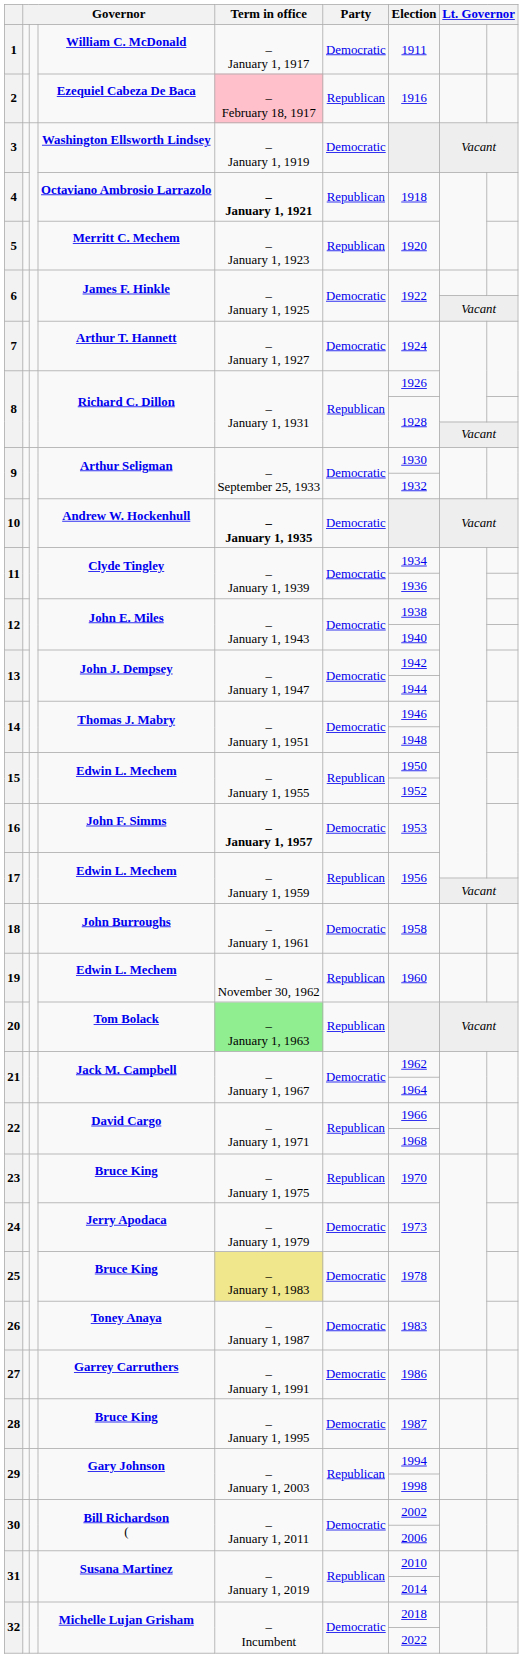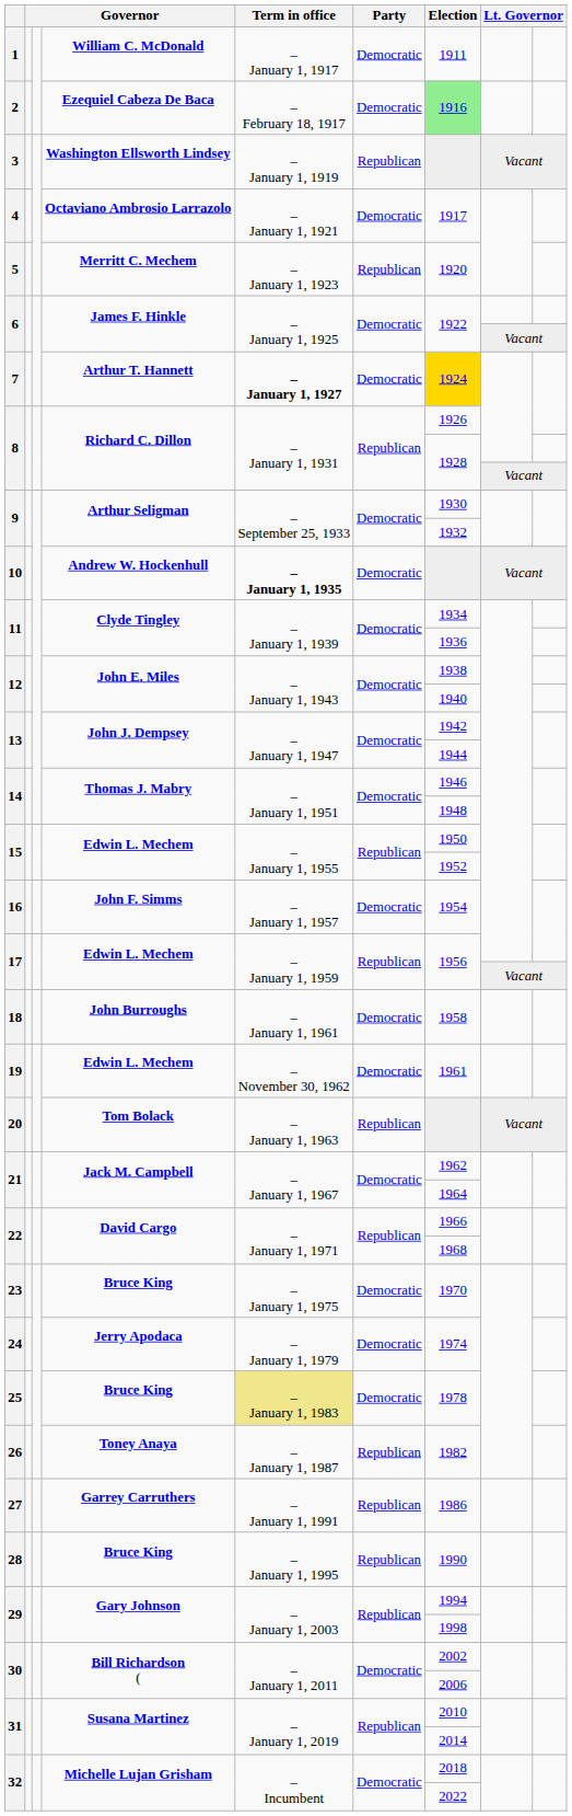 <table class="wikitable sortable mw-collapsible sticky-header-multi" style="text-align:center;">
 <tr>
 <th scope="col" data-sort-type="number"></th>
 <th scope="colgroup" colspan="3">Governor</th>
 <th scope="col">Term in office</th>
 <th scope="col">Party</th>
 <th scope="col">Election</th>
 <th scope="col" colspan="2"><a href='#'>Lt. Governor</a></th>
 </tr>
 <tr style="height:2em;">
 <th scope="row">1</th>
 <td data-sort-value="McDonald, William"></td>
 <td rowspan="2" style="background: "> </td>
 <td><strong><a href='#'>William C. McDonald</a></strong><br><br></td>
 <td><br>–<br>January 1, 1917<br></td>
 <td><a href='#'>Democratic</a></td>
 <td><a href='#'>1911</a></td>
 <td style="background: "> </td>
 <td></td>
 </tr>
 <tr style="height:2em;">
 <th scope="row">2</th>
 <td data-sort-value="De Baca, Ezequiel"></td>
 <td><strong><a href='#'>Ezequiel Cabeza De Baca</a></strong><br><br></td>
-<td style="background: pink;"><br>–<br>February 18, 1917<br></td>
-<td><a href='#'>Republican</a></td>
-<td><a href='#'>1916</a></td>
+<td><br>–<br>February 18, 1917<br></td>
+<td><a href='#'>Democratic</a></td>
+<td style="background: lightgreen;"><a href='#'>1916</a></td>
 <td style="color:inherit;background: "></td>
 <td></td>
 </tr>
 <tr style="height:2em;">
 <th scope="row">3</th>
 <td data-sort-value="Lindsey, Washington"></td>
 <td rowspan="3" style="color:inherit;background: "></td>
 <td><strong><a href='#'>Washington Ellsworth Lindsey</a></strong><br><br></td>
 <td><br>–<br>January 1, 1919<br></td>
-<td><a href='#'>Democratic</a></td>
+<td><a href='#'>Republican</a></td>
 <td style="background:#EEEEEE;"></td>
 <td colspan="2" style="background:#EEEEEE;"><em>Vacant</em></td>
 </tr>
 <tr style="height:2em;">
 <th scope="row">4</th>
 <td data-sort-value="Larrazolo, Octaviano"></td>
 <td><strong><a href='#'>Octaviano Ambrosio Larrazolo</a></strong><br><br></td>
-<td><strong><br>–<br>January 1, 1921<br></strong></td>
-<td><a href='#'>Republican</a></td>
-<td><a href='#'>1918</a></td>
+<td><br>–<br>January 1, 1921<br></td>
+<td><a href='#'>Democratic</a></td>
+<td><a href='#'>1917</a></td>
 <td rowspan="2" style="color:inherit;background: "></td>
 <td></td>
 </tr>
 <tr style="height:2em;">
 <th scope="row">5</th>
 <td data-sort-value="Mechem, Merritt"></td>
 <td><strong><a href='#'>Merritt C. Mechem</a></strong><br><br></td>
 <td><br>–<br>January 1, 1923<br></td>
 <td><a href='#'>Republican</a></td>
 <td><a href='#'>1920</a></td>
 <td></td>
 </tr>
 <tr style="height:2em;">
 <th rowspan="2" scope="rowgroup">6</th>
 <td rowspan="2" data-sort-value="Hinkle, James"></td>
 <td rowspan="3" style="color:inherit;background: "></td>
 <td rowspan="2"><strong><a href='#'>James F. Hinkle</a></strong><br><br></td>
 <td rowspan="2"><br>–<br>January 1, 1925<br></td>
 <td rowspan="2"><a href='#'>Democratic</a></td>
 <td rowspan="2"><a href='#'>1922</a></td>
 <td style="color:inherit;background: "></td>
 <td><br></td>
 </tr>
 <tr style="height:2em;">
 <td colspan="2" style="background:#EEEEEE;"><em>Vacant</em></td>
 </tr>
 <tr style="height:2em;">
 <th scope="row">7</th>
 <td data-sort-value="Hannett, Arthur"></td>
 <td><strong><a href='#'>Arthur T. Hannett</a></strong><br><br></td>
-<td><br>–<br>January 1, 1927<br></td>
+<td><strong><br>–<br>January 1, 1927<br></strong></td>
 <td><a href='#'>Democratic</a></td>
-<td><a href='#'>1924</a></td>
+<td style="background: gold;"><a href='#'>1924</a></td>
 <td rowspan="3" style="color:inherit;background: "></td>
 <td rowspan="2"></td>
 </tr>
 <tr style="height:2em;">
 <th rowspan="3" scope="rowgroup">8</th>
 <td rowspan="3" data-sort-value="Dillon, Richard"></td>
 <td rowspan="3" style="color:inherit;background: "></td>
 <td rowspan="3"><strong><a href='#'>Richard C. Dillon</a></strong><br><br></td>
 <td rowspan="3"><br>–<br>January 1, 1931<br></td>
 <td rowspan="3"><a href='#'>Republican</a></td>
 <td><a href='#'>1926</a></td>
 </tr>
 <tr style="height:2em;">
 <td rowspan="2"><a href='#'>1928</a></td>
 <td><br></td>
 </tr>
 <tr style="height:2em;">
 <td colspan="2" style="background:#EEEEEE;"><em>Vacant</em></td>
 </tr>
 <tr style="height:2em;">
 <th rowspan="2" scope="rowgroup">9</th>
 <td rowspan="2" data-sort-value="Seligman, Arthur"></td>
 <td rowspan="11" style="color:inherit;background: "></td>
 <td rowspan="2"><strong><a href='#'>Arthur Seligman</a></strong><br><br></td>
 <td rowspan="2"><br>–<br>September 25, 1933<br></td>
 <td rowspan="2"><a href='#'>Democratic</a></td>
 <td><a href='#'>1930</a></td>
 <td rowspan="2" style="color:inherit;background: "></td>
 <td rowspan="2"></td>
 </tr>
 <tr style="height:2em;">
 <td><a href='#'>1932</a></td>
 </tr>
 <tr style="height:2em;">
 <th scope="row">10</th>
 <td data-sort-value="Hockenhull, Andrew"></td>
 <td><strong><a href='#'>Andrew W. Hockenhull</a></strong><br><br></td>
 <td><strong><br>–<br>January 1, 1935<br></strong></td>
 <td><a href='#'>Democratic</a></td>
 <td style="background:#EEEEEE;"></td>
 <td colspan="2" style="background:#EEEEEE;"><em>Vacant</em></td>
 </tr>
 <tr style="height:2em;">
 <th rowspan="2" scope="rowgroup">11</th>
 <td rowspan="2" data-sort-value="Tingley, Clyde"></td>
 <td rowspan="2"><strong><a href='#'>Clyde Tingley</a></strong><br><br></td>
 <td rowspan="2"><br>–<br>January 1, 1939<br></td>
 <td rowspan="2"><a href='#'>Democratic</a></td>
 <td><a href='#'>1934</a></td>
 <td rowspan="12" style="color:inherit;background: "></td>
 <td></td>
 </tr>
 <tr style="height:2em;">
 <td><a href='#'>1936</a></td>
 <td></td>
 </tr>
 <tr style="height:2em;">
 <th rowspan="2" scope="rowgroup">12</th>
 <td rowspan="2" data-sort-value="Miles, John"></td>
 <td rowspan="2"><strong><a href='#'>John E. Miles</a></strong><br><br></td>
 <td rowspan="2"><br>–<br>January 1, 1943<br></td>
 <td rowspan="2"><a href='#'>Democratic</a></td>
 <td><a href='#'>1938</a></td>
 <td></td>
 </tr>
 <tr style="height:2em;">
 <td><a href='#'>1940</a></td>
 <td></td>
 </tr>
 <tr style="height:2em;">
 <th rowspan="2" scope="rowgroup">13</th>
 <td rowspan="2" data-sort-value="Dempsey, John"></td>
 <td rowspan="2"><strong><a href='#'>John J. Dempsey</a></strong><br><br></td>
 <td rowspan="2"><br>–<br>January 1, 1947<br></td>
 <td rowspan="2"><a href='#'>Democratic</a></td>
 <td><a href='#'>1942</a></td>
 <td rowspan="2"></td>
 </tr>
 <tr style="height:2em;">
 <td><a href='#'>1944</a></td>
 </tr>
 <tr style="height:2em;">
 <th rowspan="2" scope="rowgroup">14</th>
 <td rowspan="2" data-sort-value="Mabry, Thomas"></td>
 <td rowspan="2"><strong><a href='#'>Thomas J. Mabry</a></strong><br><br></td>
 <td rowspan="2"><br>–<br>January 1, 1951<br></td>
 <td rowspan="2"><a href='#'>Democratic</a></td>
 <td><a href='#'>1946</a></td>
 <td rowspan="2"></td>
 </tr>
 <tr style="height:2em;">
 <td><a href='#'>1948</a></td>
 </tr>
 <tr style="height:2em;">
 <th rowspan="2" scope="rowgroup">15</th>
 <td rowspan="2" data-sort-value="Mechem, Edwin"></td>
 <td rowspan="2" style="color:inherit;background: "></td>
 <td rowspan="2"><strong><a href='#'>Edwin L. Mechem</a></strong><br><br></td>
 <td rowspan="2"><br>–<br>January 1, 1955<br></td>
 <td rowspan="2"><a href='#'>Republican</a></td>
 <td><a href='#'>1950</a></td>
 <td rowspan="2"></td>
 </tr>
 <tr style="height:2em;">
 <td><a href='#'>1952</a></td>
 </tr>
 <tr style="height:2em;">
 <th scope="row">16</th>
 <td data-sort-value="Simms, John"></td>
 <td style="color:inherit;background: "></td>
 <td><strong><a href='#'>John F. Simms</a></strong><br><br></td>
-<td><strong><br>–<br>January 1, 1957<br></strong></td>
+<td><br>–<br>January 1, 1957<br></td>
 <td><a href='#'>Democratic</a></td>
-<td><a href='#'>1953</a></td>
+<td><a href='#'>1954</a></td>
 <td rowspan="2"><br></td>
 </tr>
 <tr style="height:2em;">
 <th rowspan="2" scope="rowgroup">17</th>
 <td rowspan="2" data-sort-value="Mechem, Edwin"></td>
 <td rowspan="2" style="color:inherit;background: "></td>
 <td rowspan="2"><strong><a href='#'>Edwin L. Mechem</a></strong><br><br></td>
 <td rowspan="2"><br>–<br>January 1, 1959<br></td>
 <td rowspan="2"><a href='#'>Republican</a></td>
 <td rowspan="2"><a href='#'>1956</a></td>
 </tr>
 <tr style="height:2em;">
 <td colspan="2" style="background:#EEEEEE;"><em>Vacant</em></td>
 </tr>
 <tr style="height:2em;">
 <th scope="row">18</th>
 <td data-sort-value="Burroughs, John"></td>
 <td style="color:inherit;background: "></td>
 <td><strong><a href='#'>John Burroughs</a></strong><br><br></td>
 <td><br>–<br>January 1, 1961<br></td>
 <td><a href='#'>Democratic</a></td>
 <td><a href='#'>1958</a></td>
 <td style="color:inherit;background: "></td>
 <td></td>
 </tr>
 <tr style="height:2em;">
 <th scope="row">19</th>
 <td data-sort-value="Mechem, Edwin"></td>
 <td rowspan="2" style="color:inherit;background: "></td>
 <td><strong><a href='#'>Edwin L. Mechem</a></strong><br><br></td>
 <td><br>–<br>November 30, 1962<br></td>
-<td><a href='#'>Republican</a></td>
-<td><a href='#'>1960</a></td>
+<td><a href='#'>Democratic</a></td>
+<td><a href='#'>1961</a></td>
 <td style="color:inherit;background: "></td>
 <td></td>
 </tr>
 <tr style="height:2em;">
 <th scope="row">20</th>
 <td data-sort-value="Bolack, Tom"></td>
 <td><strong><a href='#'>Tom Bolack</a></strong><br><br></td>
-<td style="background: lightgreen;"><br>–<br>January 1, 1963<br></td>
+<td><br>–<br>January 1, 1963<br></td>
 <td><a href='#'>Republican</a></td>
 <td style="background:#EEEEEE;"></td>
 <td colspan="2" style="background:#EEEEEE;"><em>Vacant</em></td>
 </tr>
 <tr style="height:2em;">
 <th rowspan="2">21</th>
 <td rowspan="2" data-sort-value="Campbell, Jack"></td>
 <td rowspan="2" style="color:inherit;background: "></td>
 <td rowspan="2"><strong><a href='#'>Jack M. Campbell</a></strong><br><br></td>
 <td rowspan="2"><br>–<br>January 1, 1967<br></td>
 <td rowspan="2"><a href='#'>Democratic</a></td>
 <td><a href='#'>1962</a></td>
 <td rowspan="2" style="color:inherit;background: "></td>
 <td rowspan="2"></td>
 </tr>
 <tr style="height:2em;">
 <td><a href='#'>1964</a></td>
 </tr>
 <tr style="height:2em;">
 <th rowspan="2">22</th>
 <td rowspan="2" data-sort-value="Cargo, David"></td>
 <td rowspan="2" style="color:inherit;background: "></td>
 <td rowspan="2"><strong><a href='#'>David Cargo</a></strong><br><br></td>
 <td rowspan="2"><br>–<br>January 1, 1971<br></td>
 <td rowspan="2"><a href='#'>Republican</a></td>
 <td><a href='#'>1966</a></td>
 <td rowspan="2" style="color:inherit;background: "></td>
 <td rowspan="2"></td>
 </tr>
 <tr style="height:2em;">
 <td><a href='#'>1968</a></td>
 </tr>
 <tr style="height:2em;">
 <th scope="row">23</th>
 <td data-sort-value="King, Bruce"></td>
 <td rowspan="4" style="color:inherit;background: "></td>
 <td><strong><a href='#'>Bruce King</a></strong><br><br></td>
 <td><br>–<br>January 1, 1975<br></td>
-<td><a href='#'>Republican</a></td>
+<td><a href='#'>Democratic</a></td>
 <td><a href='#'>1970</a></td>
 <td rowspan="4" style="color:inherit;background: "></td>
 <td></td>
 </tr>
 <tr style="height:2em;">
 <th scope="row">24</th>
 <td data-sort-value="Apodaca, Jerry"></td>
 <td><strong><a href='#'>Jerry Apodaca</a></strong><br><br></td>
 <td><br>–<br>January 1, 1979<br></td>
 <td><a href='#'>Democratic</a></td>
-<td><a href='#'>1973</a></td>
+<td><a href='#'>1974</a></td>
 <td></td>
 </tr>
 <tr style="height:2em;">
 <th scope="row">25</th>
 <td data-sort-value="King, Bruce"></td>
 <td><strong><a href='#'>Bruce King</a></strong><br><br></td>
 <td style="background: khaki;"><br>–<br>January 1, 1983<br></td>
 <td><a href='#'>Democratic</a></td>
 <td><a href='#'>1978</a></td>
 <td></td>
 </tr>
 <tr style="height:2em;">
 <th scope="row">26</th>
 <td data-sort-value="Anaya, Toney"></td>
 <td><strong><a href='#'>Toney Anaya</a></strong><br><br></td>
 <td><br>–<br>January 1, 1987<br></td>
-<td><a href='#'>Democratic</a></td>
-<td><a href='#'>1983</a></td>
+<td><a href='#'>Republican</a></td>
+<td><a href='#'>1982</a></td>
 <td></td>
 </tr>
 <tr style="height:2em;">
 <th scope="row">27</th>
 <td data-sort-value="Carruthers, Garrey"></td>
 <td style="color:inherit;background: "></td>
 <td><strong><a href='#'>Garrey Carruthers</a></strong><br><br></td>
 <td><br>–<br>January 1, 1991<br></td>
-<td><a href='#'>Democratic</a></td>
+<td><a href='#'>Republican</a></td>
 <td><a href='#'>1986</a></td>
 <td style="color:inherit;background: "></td>
 <td></td>
 </tr>
 <tr style="height:2em;">
 <th scope="row">28</th>
 <td data-sort-value="King, Bruce"></td>
 <td style="color:inherit;background: "></td>
 <td><strong><a href='#'>Bruce King</a></strong><br><br></td>
 <td><br>–<br>January 1, 1995<br></td>
-<td><a href='#'>Democratic</a></td>
-<td><a href='#'>1987</a></td>
+<td><a href='#'>Republican</a></td>
+<td><a href='#'>1990</a></td>
 <td style="color:inherit;background: "></td>
 <td></td>
 </tr>
 <tr style="height:2em;">
 <th rowspan="2" scope="rowgroup">29</th>
 <td rowspan="2" data-sort-value="Johnson, Gary"></td>
 <td rowspan="2" style="color:inherit;background: "></td>
 <td rowspan="2"><strong><a href='#'>Gary Johnson</a></strong><br><br></td>
 <td rowspan="2"><br>–<br>January 1, 2003<br></td>
 <td rowspan="2"><a href='#'>Republican</a></td>
 <td><a href='#'>1994</a></td>
 <td rowspan="2" style="color:inherit;background: "></td>
 <td rowspan="2"></td>
 </tr>
 <tr style="height:2em;">
 <td><a href='#'>1998</a></td>
 </tr>
 <tr style="height:2em;">
 <th rowspan="2" scope="rowgroup">30</th>
 <td rowspan="2" data-sort-value="Richardson, Bill"></td>
 <td rowspan="2" style="color:inherit;background: "></td>
 <td rowspan="2"><strong><a href='#'>Bill Richardson</a></strong><br>(<br></td>
 <td rowspan="2"><br>–<br>January 1, 2011<br></td>
 <td rowspan="2"><a href='#'>Democratic</a></td>
 <td><a href='#'>2002</a></td>
 <td rowspan="2" style="color:inherit;background: "></td>
 <td rowspan="2"></td>
 </tr>
 <tr style="height:2em;">
 <td><a href='#'>2006</a></td>
 </tr>
 <tr style="height:2em;">
 <th rowspan="2" scope="rowgroup">31</th>
 <td rowspan="2" data-sort-value="Martinez, Susana"></td>
 <td rowspan="2" style="color:inherit;background: "></td>
 <td rowspan="2"><strong><a href='#'>Susana Martinez</a></strong><br><br></td>
 <td rowspan="2"><br>–<br>January 1, 2019<br></td>
 <td rowspan="2"><a href='#'>Republican</a></td>
 <td><a href='#'>2010</a></td>
 <td rowspan="2" style="color:inherit;background: "></td>
 <td rowspan="2"></td>
 </tr>
 <tr style="height:2em;">
 <td><a href='#'>2014</a></td>
 </tr>
 <tr style="height:2em;">
 <th rowspan="2" scope="rowgroup">32</th>
 <td rowspan="2" data-sort-value="Lujan Grisham, Michelle"></td>
 <td rowspan="2" style="color:inherit;background: "></td>
 <td rowspan="2"><strong><a href='#'>Michelle Lujan Grisham</a></strong><br><br></td>
 <td rowspan="2"><br>–<br>Incumbent</td>
 <td rowspan="2"><a href='#'>Democratic</a></td>
 <td><a href='#'>2018</a></td>
 <td rowspan="2" style="color:inherit;background: "></td>
 <td rowspan="2"></td>
 </tr>
 <tr style="height:2em;">
 <td><a href='#'>2022</a></td>
 </tr>
 </table>
